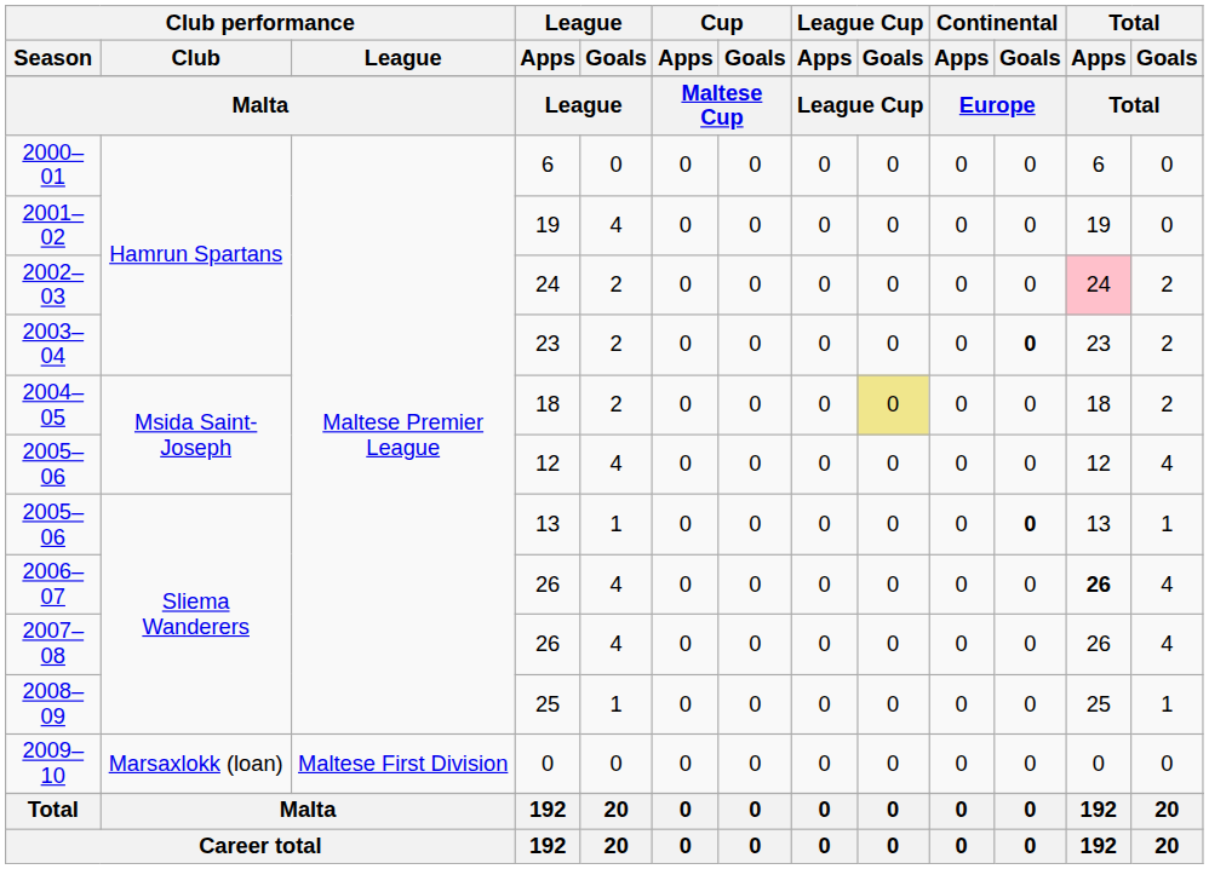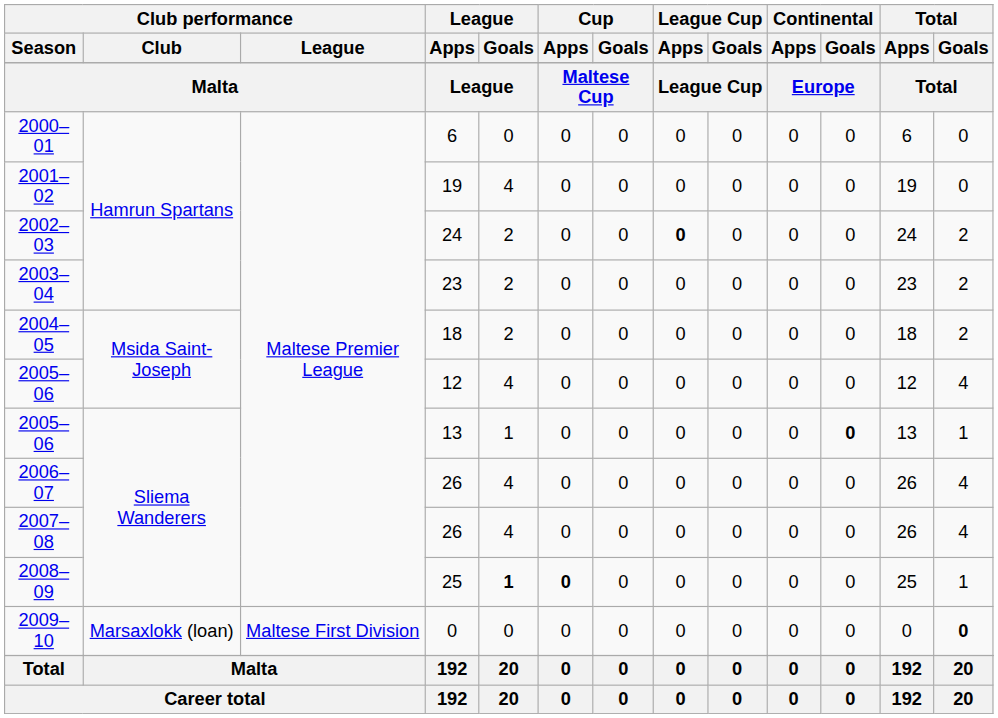 <table class="wikitable" style="text-align:center">
 <tr>
 <th colspan=3>Club performance</th>
 <th colspan=2>League</th>
 <th colspan=2>Cup</th>
 <th colspan=2>League Cup</th>
 <th colspan=2>Continental</th>
 <th colspan=2>Total</th>
 </tr>
 <tr>
 <th>Season</th>
 <th>Club</th>
 <th>League</th>
 <th>Apps</th>
 <th>Goals</th>
 <th>Apps</th>
 <th>Goals</th>
 <th>Apps</th>
 <th>Goals</th>
 <th>Apps</th>
 <th>Goals</th>
 <th>Apps</th>
 <th>Goals</th>
 </tr>
 <tr>
 </tr>
 <tr>
 <th colspan=3>Malta</th>
 <th colspan=2>League</th>
 <th colspan=2><a href='#'>Maltese Cup</a></th>
 <th colspan=2>League Cup</th>
 <th colspan=2><a href='#'>Europe</a></th>
 <th colspan=2>Total</th>
 </tr>
 <tr>
 <td><a href='#'>2000–01</a></td>
 <td rowspan="4"><a href='#'>Hamrun Spartans</a></td>
 <td rowspan="10"><a href='#'>Maltese Premier League</a></td>
 <td>6</td>
 <td>0</td>
 <td>0</td>
 <td>0</td>
 <td>0</td>
 <td>0</td>
 <td>0</td>
 <td>0</td>
 <td>6</td>
 <td>0</td>
 </tr>
 <tr>
 <td><a href='#'>2001–02</a></td>
 <td>19</td>
 <td>4</td>
 <td>0</td>
 <td>0</td>
 <td>0</td>
 <td>0</td>
 <td>0</td>
 <td>0</td>
 <td>19</td>
 <td>0</td>
 </tr>
 <tr>
 <td><a href='#'>2002–03</a></td>
 <td>24</td>
 <td>2</td>
 <td>0</td>
 <td>0</td>
+<td><strong>0</strong></td>
 <td>0</td>
 <td>0</td>
 <td>0</td>
-<td>0</td>
-<td style="background: pink;">24</td>
+<td>24</td>
 <td>2</td>
 </tr>
 <tr>
 <td><a href='#'>2003–04</a></td>
 <td>23</td>
 <td>2</td>
 <td>0</td>
 <td>0</td>
 <td>0</td>
 <td>0</td>
 <td>0</td>
-<td><strong>0</strong></td>
+<td>0</td>
 <td>23</td>
 <td>2</td>
 </tr>
 <tr>
 <td><a href='#'>2004–05</a></td>
 <td rowspan="2"><a href='#'>Msida Saint-Joseph</a></td>
 <td>18</td>
 <td>2</td>
 <td>0</td>
 <td>0</td>
 <td>0</td>
-<td style="background: khaki;">0</td>
+<td>0</td>
 <td>0</td>
 <td>0</td>
 <td>18</td>
 <td>2</td>
 </tr>
 <tr>
 <td><a href='#'>2005–06</a></td>
 <td>12</td>
 <td>4</td>
 <td>0</td>
 <td>0</td>
 <td>0</td>
 <td>0</td>
 <td>0</td>
 <td>0</td>
 <td>12</td>
 <td>4</td>
 </tr>
 <tr>
 <td><a href='#'>2005–06</a></td>
 <td rowspan="4"><a href='#'>Sliema Wanderers</a></td>
 <td>13</td>
 <td>1</td>
 <td>0</td>
 <td>0</td>
 <td>0</td>
 <td>0</td>
 <td>0</td>
 <td><strong>0</strong></td>
 <td>13</td>
 <td>1</td>
 </tr>
 <tr>
 <td><a href='#'>2006–07</a></td>
 <td>26</td>
 <td>4</td>
 <td>0</td>
 <td>0</td>
 <td>0</td>
 <td>0</td>
 <td>0</td>
 <td>0</td>
-<td><strong>26</strong></td>
+<td>26</td>
 <td>4</td>
 </tr>
 <tr>
 <td><a href='#'>2007–08</a></td>
 <td>26</td>
 <td>4</td>
 <td>0</td>
 <td>0</td>
 <td>0</td>
 <td>0</td>
 <td>0</td>
 <td>0</td>
 <td>26</td>
 <td>4</td>
 </tr>
 <tr>
 <td><a href='#'>2008–09</a></td>
 <td>25</td>
-<td>1</td>
-<td>0</td>
+<td><strong>1</strong></td>
+<td><strong>0</strong></td>
 <td>0</td>
 <td>0</td>
 <td>0</td>
 <td>0</td>
 <td>0</td>
 <td>25</td>
 <td>1</td>
 </tr>
 <tr>
 <td><a href='#'>2009–10</a></td>
 <td rowspan="1"><a href='#'>Marsaxlokk</a> (loan)</td>
 <td rowspan="1"><a href='#'>Maltese First Division</a></td>
 <td>0</td>
 <td>0</td>
 <td>0</td>
 <td>0</td>
 <td>0</td>
 <td>0</td>
 <td>0</td>
 <td>0</td>
 <td>0</td>
-<td>0</td>
+<td><strong>0</strong></td>
 </tr>
 <tr>
 </tr>
 <tr>
 <th rowspan=1>Total</th>
 <th colspan=2>Malta</th>
 <th>192</th>
 <th>20</th>
 <th>0</th>
 <th>0</th>
 <th>0</th>
 <th>0</th>
 <th>0</th>
 <th>0</th>
 <th>192</th>
 <th>20</th>
 </tr>
 <tr>
 <th colspan=3>Career total</th>
 <th>192</th>
 <th>20</th>
 <th>0</th>
 <th>0</th>
 <th>0</th>
 <th>0</th>
 <th>0</th>
 <th>0</th>
 <th>192</th>
 <th>20</th>
 </tr>
 </table>
